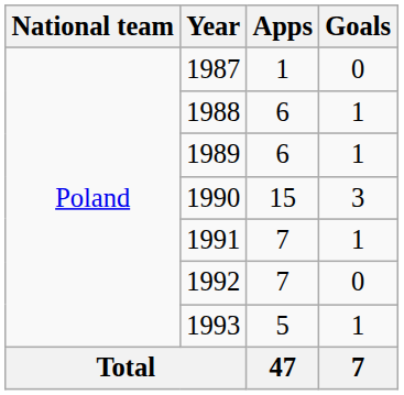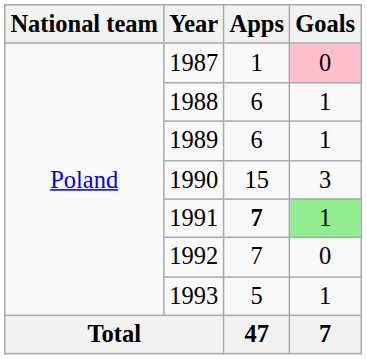 <table class="wikitable" style="text-align:center">
 <tr>
 <th>National team</th>
 <th>Year</th>
 <th>Apps</th>
 <th>Goals</th>
 </tr>
 <tr>
 <td rowspan="7"><a href='#'>Poland</a></td>
 <td>1987</td>
 <td>1</td>
-<td>0</td>
+<td style="background: pink;">0</td>
 </tr>
 <tr>
 <td>1988</td>
 <td>6</td>
 <td>1</td>
 </tr>
 <tr>
 <td>1989</td>
 <td>6</td>
 <td>1</td>
 </tr>
 <tr>
 <td>1990</td>
 <td>15</td>
 <td>3</td>
 </tr>
 <tr>
 <td>1991</td>
-<td>7</td>
-<td>1</td>
+<td><strong>7</strong></td>
+<td style="background: lightgreen;">1</td>
 </tr>
 <tr>
 <td>1992</td>
 <td>7</td>
 <td>0</td>
 </tr>
 <tr>
 <td>1993</td>
 <td>5</td>
 <td>1</td>
 </tr>
 <tr>
 <th colspan="2">Total</th>
 <th>47</th>
 <th>7</th>
 </tr>
 </table>
